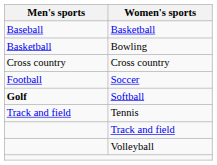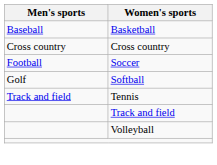 <table class="wikitable" style=" ">
 <tr>
 <th width=150px>Men's sports</th>
 <th width=150px>Women's sports</th>
 </tr>
 <tr>
 <td><a href='#'>Baseball</a></td>
 <td><a href='#'>Basketball</a></td>
 </tr>
 <tr>
-<td><a href='#'>Basketball</a></td>
-<td>Bowling</td>
-</tr>
-<tr>
 <td>Cross country</td>
 <td>Cross country</td>
 </tr>
 <tr>
 <td><a href='#'>Football</a></td>
 <td><a href='#'>Soccer</a></td>
 </tr>
 <tr>
-<td><strong>Golf</strong></td>
+<td>Golf</td>
 <td><a href='#'>Softball</a></td>
 </tr>
 <tr>
 <td><a href='#'>Track and field</a></td>
 <td>Tennis</td>
 </tr>
 <tr>
 <td></td>
 <td><a href='#'>Track and field</a></td>
 </tr>
 <tr>
 <td></td>
 <td>Volleyball</td>
 </tr>
 <tr>
 <td colspan="2"></td>
 </tr>
 </table>
